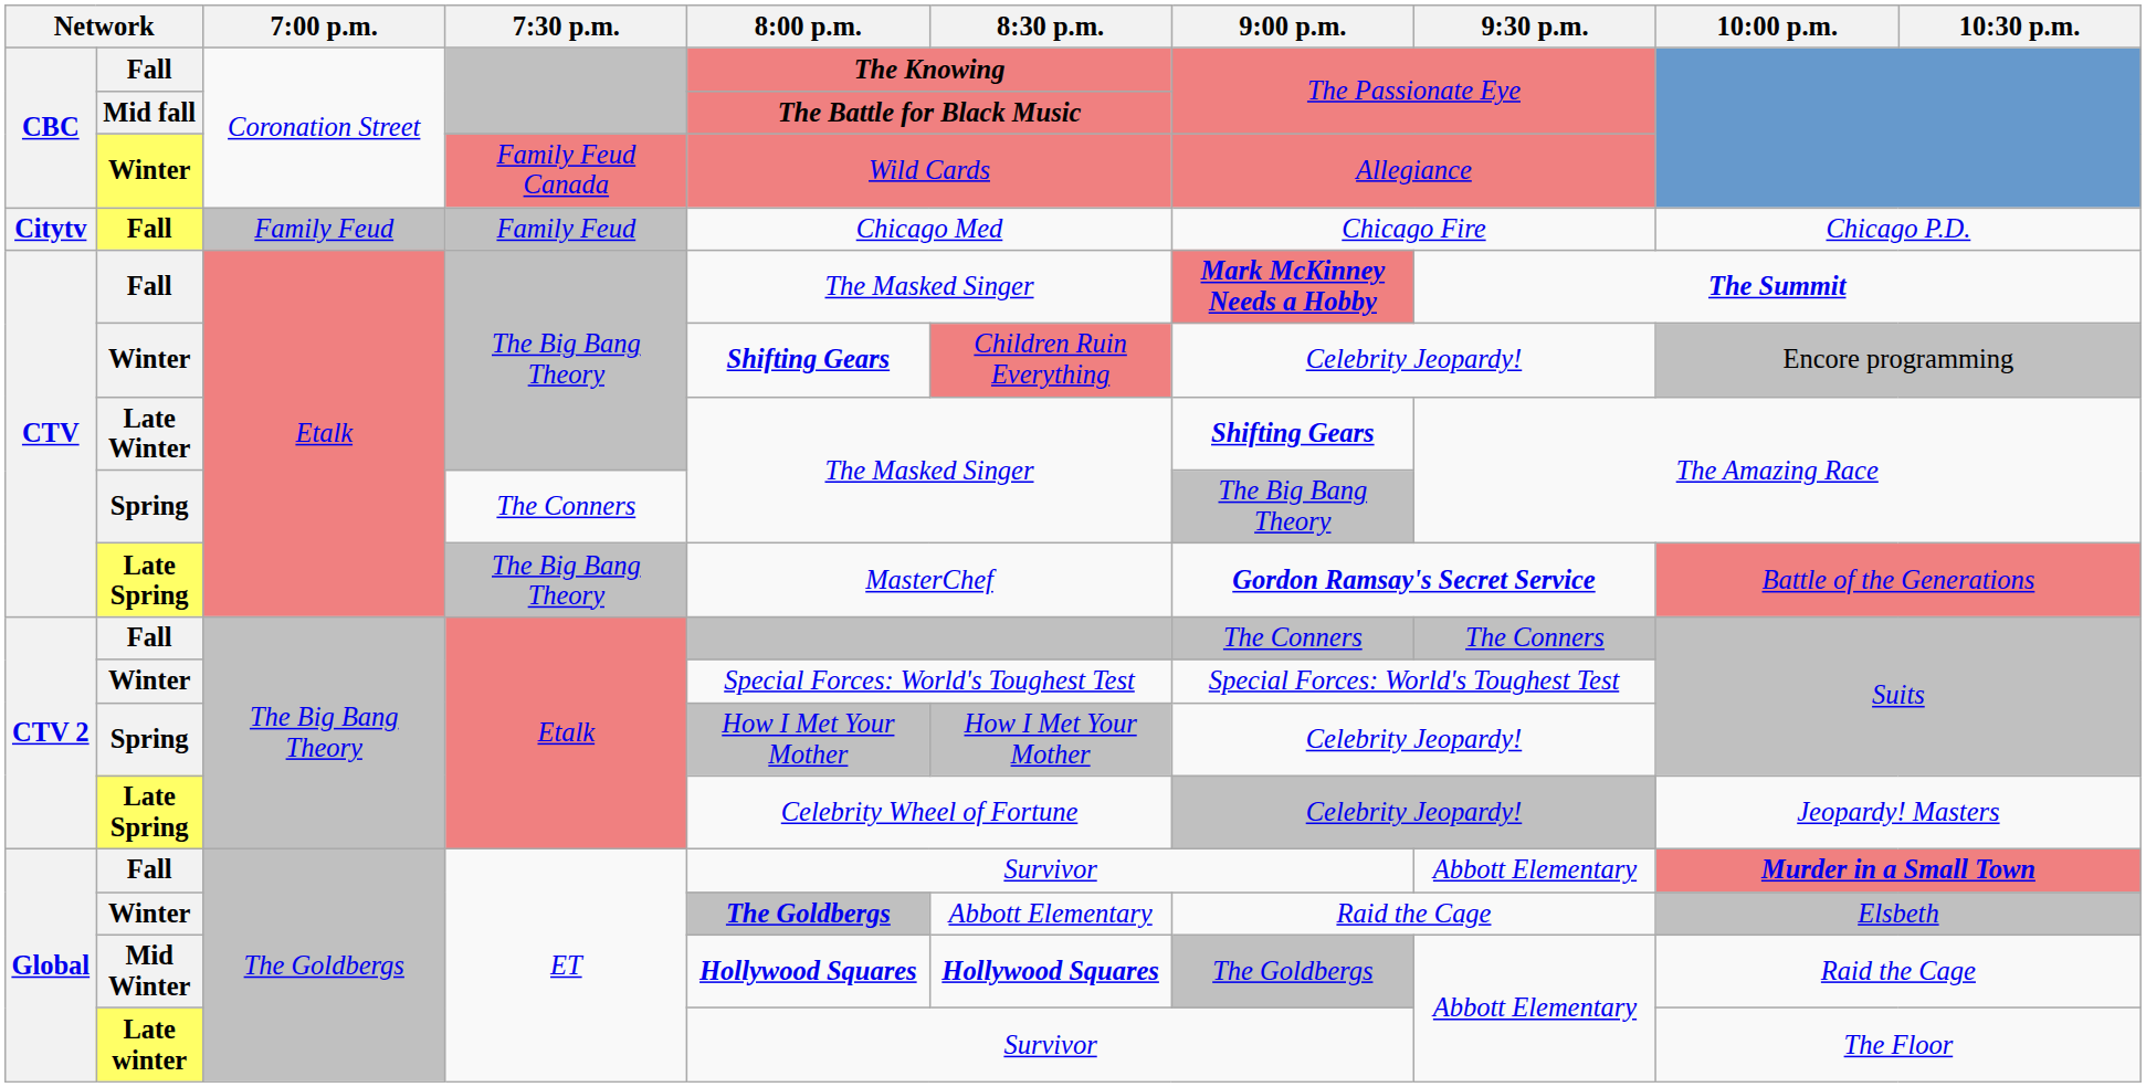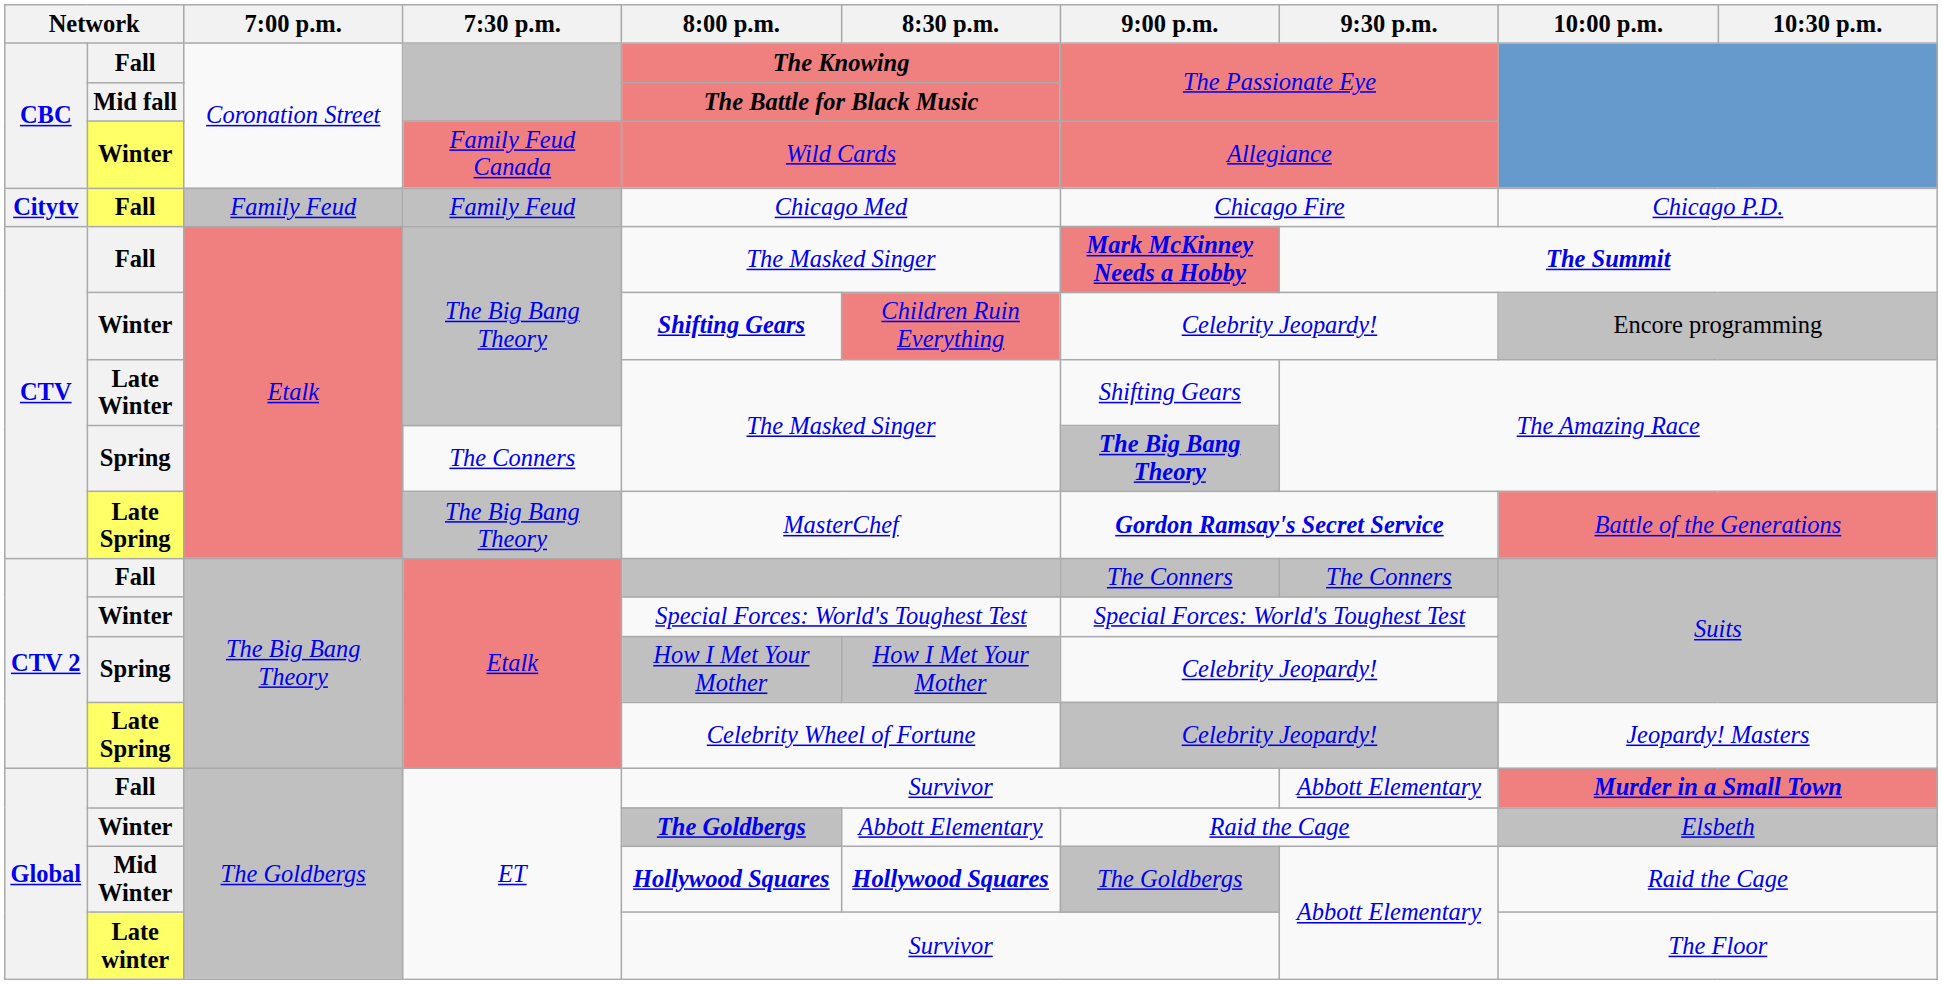 <table class=wikitable style=width:100%;margin-right:0;text-align:center>
 <tr>
 <th style=width:8% colspan=2>Network</th>
 <th style=width:11.5%>7:00 p.m.</th>
 <th style=width:11.5%>7:30 p.m.</th>
 <th style=width:11.5%>8:00 p.m.</th>
 <th style=width:11.5%>8:30 p.m.</th>
 <th style=width:11.5%>9:00 p.m.</th>
 <th style=width:11.5%>9:30 p.m.</th>
 <th style=width:11.5%>10:00 p.m.</th>
 <th style=width:11.5%>10:30 p.m.</th>
 </tr>
 <tr>
 <th rowspan=3><a href='#'>CBC</a></th>
 <th>Fall</th>
 <td rowspan=3><em><a href='#'>Coronation Street</a></em></td>
 <td rowspan=2 style=background:#C0C0C0> </td>
 <td style=background:#F08080 colspan=2><strong><em>The Knowing</em></strong> </td>
 <td style=background:#F08080 colspan=2 rowspan=2><em><a href='#'>The Passionate Eye</a></em> </td>
 <td colspan=2 style=background:#6699CC rowspan=3></td>
 </tr>
 <tr>
 <th>Mid fall</th>
 <td style=background:#F08080 colspan=2><strong><em>The Battle for Black Music</em></strong> </td>
 </tr>
 <tr>
 <th style=background:#FFFF66>Winter</th>
 <td style=background:#F08080><em><a href='#'>Family Feud Canada</a></em> </td>
 <td style=background:#F08080 colspan=2><em><a href='#'>Wild Cards</a></em> </td>
 <td style=background:#F08080 colspan=2><em><a href='#'>Allegiance</a></em> </td>
 </tr>
 <tr>
 <th><a href='#'>Citytv</a></th>
 <th style=background:#FFFF66>Fall</th>
 <td style=background:#C0C0C0><em><a href='#'>Family Feud</a></em> </td>
 <td style=background:#C0C0C0><em><a href='#'>Family Feud</a></em> </td>
 <td colspan=2><em><a href='#'>Chicago Med</a></em> </td>
 <td colspan=2><em><a href='#'>Chicago Fire</a></em> </td>
 <td colspan=2><em><a href='#'>Chicago P.D.</a></em> </td>
 </tr>
 <tr>
 <th rowspan=5><a href='#'>CTV</a></th>
 <th>Fall</th>
 <td style=background:#F08080 rowspan=5><em><a href='#'>Etalk</a></em></td>
 <td style=background:#C0C0C0 rowspan=3><em><a href='#'>The Big Bang Theory</a></em> </td>
 <td colspan=2><em><a href='#'>The Masked Singer</a></em> </td>
 <td style=background:#F08080><strong><em><a href='#'>Mark McKinney Needs a Hobby</a></em></strong> </td>
 <td colspan=3><strong><em><a href='#'>The Summit</a></em></strong> </td>
 </tr>
 <tr>
 <th>Winter</th>
 <td><strong><em><a href='#'>Shifting Gears</a></em></strong> </td>
 <td style=background:#F08080><em><a href='#'>Children Ruin Everything</a></em> </td>
 <td colspan=2><em><a href='#'>Celebrity Jeopardy!</a></em> </td>
 <td style=background:#C0C0C0 colspan=2>Encore programming</td>
 </tr>
 <tr>
 <th>Late Winter</th>
 <td colspan=2 rowspan=2><em><a href='#'>The Masked Singer</a></em> </td>
-<td><strong><em><a href='#'>Shifting Gears</a></em></strong></td>
+<td><em><a href='#'>Shifting Gears</a></em></td>
 <td colspan=3 rowspan=2><em><a href='#'>The Amazing Race</a></em> </td>
 </tr>
 <tr>
 <th>Spring</th>
 <td><em><a href='#'>The Conners</a></em> </td>
-<td style=background:#C0C0C0><em><a href='#'>The Big Bang Theory</a></em> </td>
+<td style=background:#C0C0C0><strong><em><a href='#'>The Big Bang Theory</a></em> </strong></td>
 </tr>
 <tr>
 <th style=background:#FFFF66>Late Spring</th>
 <td style=background:#C0C0C0><em><a href='#'>The Big Bang Theory</a></em> </td>
 <td colspan=2><em><a href='#'>MasterChef</a></em> </td>
 <td colspan=2><strong><em><a href='#'>Gordon Ramsay's Secret Service</a></em></strong> </td>
 <td style=background:#F08080 colspan=2><em><a href='#'>Battle of the Generations</a></em> </td>
 </tr>
 <tr>
 <th rowspan=4><a href='#'>CTV 2</a></th>
 <th>Fall</th>
 <td style=background:#C0C0C0 rowspan=4><em><a href='#'>The Big Bang Theory</a></em> </td>
 <td style=background:#F08080 rowspan=4><em><a href='#'>Etalk</a></em></td>
 <td style=background:#C0C0C0 colspan=2> </td>
 <td style=background:#C0C0C0><em><a href='#'>The Conners</a></em> </td>
 <td style=background:#C0C0C0><em><a href='#'>The Conners</a></em> </td>
 <td style=background:#C0C0C0 colspan=2 rowspan=3><em><a href='#'>Suits</a></em> </td>
 </tr>
 <tr>
 <th>Winter</th>
 <td colspan=2><em><a href='#'>Special Forces: World's Toughest Test</a></em> </td>
 <td colspan=2><em><a href='#'>Special Forces: World's Toughest Test</a></em> </td>
 </tr>
 <tr>
 <th>Spring</th>
 <td style=background:#C0C0C0><em><a href='#'>How I Met Your Mother</a></em> </td>
 <td style=background:#C0C0C0><em><a href='#'>How I Met Your Mother</a></em> </td>
 <td colspan=2><em><a href='#'>Celebrity Jeopardy!</a></em></td>
 </tr>
 <tr>
 <th style=background:#FFFF66>Late Spring</th>
 <td colspan=2><em><a href='#'>Celebrity Wheel of Fortune</a></em> </td>
 <td colspan=2 style=background:#C0C0C0><em><a href='#'>Celebrity Jeopardy!</a></em> </td>
 <td colspan=2><em><a href='#'>Jeopardy! Masters</a></em> </td>
 </tr>
 <tr>
 <th rowspan=4><a href='#'>Global</a></th>
 <th>Fall</th>
 <td style=background:#C0C0C0 rowspan=4><em><a href='#'>The Goldbergs</a></em> </td>
 <td rowspan=4><em><a href='#'>ET</a></em></td>
 <td colspan=3><a href='#'><em>Survivor</em></a> </td>
 <td><em><a href='#'>Abbott Elementary</a></em> </td>
 <td colspan=2 style=background:#F08080><strong><em><a href='#'>Murder in a Small Town</a></em></strong> </td>
 </tr>
 <tr>
 <th>Winter</th>
 <td style=background:#C0C0C0><strong><em><a href='#'>The Goldbergs</a></em> </strong></td>
 <td><em><a href='#'>Abbott Elementary</a></em></td>
 <td colspan=2><em><a href='#'>Raid the Cage</a></em></td>
 <td colspan=2 style=background:#C0C0C0><em><a href='#'>Elsbeth</a></em> </td>
 </tr>
 <tr>
 <th>Mid Winter</th>
 <td><strong><em><a href='#'>Hollywood Squares</a></em></strong></td>
 <td><strong><em><a href='#'>Hollywood Squares</a></em></strong></td>
 <td style=background:#C0C0C0><em><a href='#'>The Goldbergs</a></em> </td>
 <td rowspan="2"><em><a href='#'>Abbott Elementary</a></em></td>
 <td colspan=2><em><a href='#'>Raid the Cage</a></em></td>
 </tr>
 <tr>
 <th style=background:#FFFF66>Late winter</th>
 <td colspan=3><a href='#'><em>Survivor</em></a></td>
 <td colspan=2><em><a href='#'>The Floor</a></em></td>
 </tr>
 </table>
